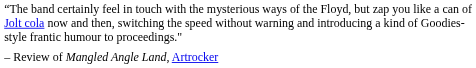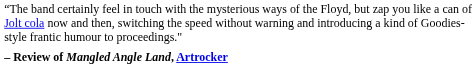 <table class="toccolours" style="float: left; margin-left: 1em; margin-left: 2em; font-size: 85%; background:#dddddd9; color:black; width:40em; max-width: 40%;" cellspacing="5">
 <tr>
 <td style="text-align: left;">“The band certainly feel in touch with the mysterious ways of the Floyd, but zap you like a can of <a href='#'>Jolt cola</a> now and then, switching the speed without warning and introducing a kind of Goodies-style frantic humour to proceedings."</td>
 </tr>
 <tr>
-<td style="text-align: left;">– Review of <em>Mangled Angle Land</em>, <a href='#'>Artrocker</a>  </td>
+<td style="text-align: left;"><strong>– Review of <em>Mangled Angle Land</em>, <a href='#'>Artrocker</a>  </strong></td>
 </tr>
 </table>
